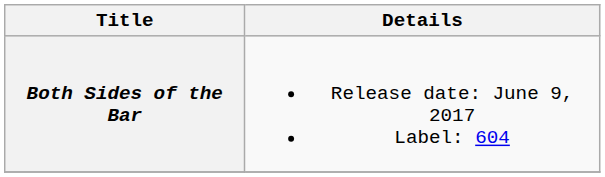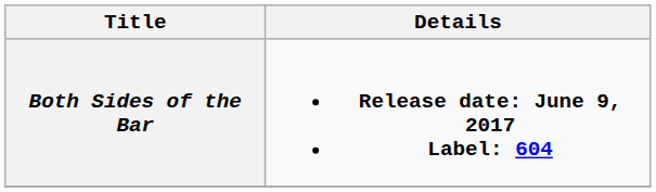 <table class="wikitable plainrowheaders" style="text-align:center;">
 <tr>
 <th style="width:12em;">Title</th>
 <th style="width:18em;">Details</th>
 </tr>
 <tr>
 <th scope="row"><em>Both Sides of the Bar</em></th>
-<td><br><ul><li>Release date: June 9, 2017</li><li>Label: <a href='#'>604</a></li></ul></td>
+<td><strong><br><ul><li>Release date: June 9, 2017</li><li>Label: <a href='#'>604</a></li></ul></strong></td>
 </tr>
 <tr>
 </tr>
 </table>
